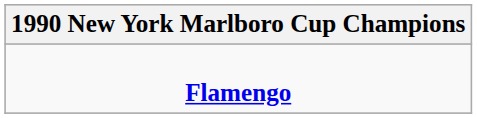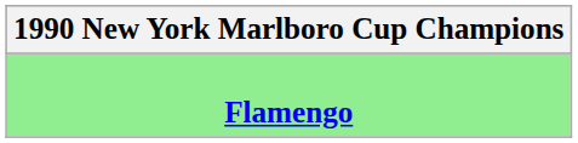 <table class=wikitable style="text-align:center; margin:auto">
 <tr>
 <th>1990 New York Marlboro Cup Champions</th>
 </tr>
 <tr>
-<td><br><strong><a href='#'>Flamengo</a></strong></td>
+<td style="background: lightgreen;"><br><strong><a href='#'>Flamengo</a></strong></td>
 </tr>
 </table>
